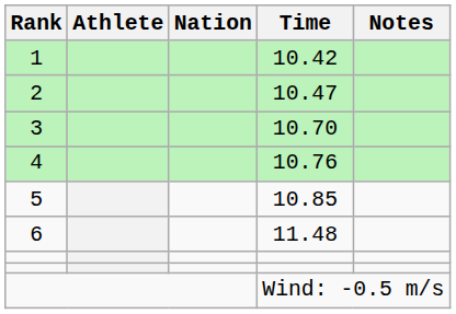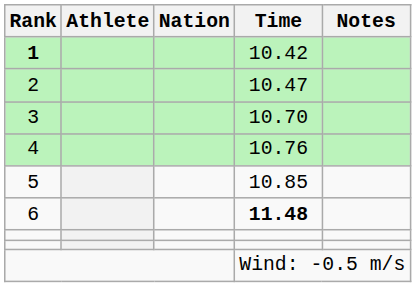 <table class="wikitable plainrowheaders sortable" style="text-align:center;">
 <tr>
 <th scope=col>Rank</th>
 <th scope=col>Athlete</th>
 <th scope=col>Nation</th>
 <th scope=col>Time</th>
 <th scope=col>Notes</th>
 </tr>
 <tr bgcolor=#bbf3bb>
-<td>1</td>
+<td><strong>1</strong></td>
 <th scope=row style="background:#bbf3bb; text-align:left;"></th>
 <td align=left></td>
 <td>10.42</td>
 <td></td>
 </tr>
 <tr bgcolor=#bbf3bb>
 <td>2</td>
 <th scope=row style="background:#bbf3bb; text-align:left;"></th>
 <td align=left></td>
 <td>10.47</td>
 <td></td>
 </tr>
 <tr bgcolor=#bbf3bb>
 <td>3</td>
 <th scope=row style="background:#bbf3bb; text-align:left;"></th>
 <td align=left></td>
 <td>10.70</td>
 <td></td>
 </tr>
 <tr bgcolor=#bbf3bb>
 <td>4</td>
 <th scope=row style="background:#bbf3bb; text-align:left;"></th>
 <td align=left></td>
 <td>10.76</td>
 <td></td>
 </tr>
 <tr>
 <td>5</td>
 <th scope=row style=text-align:left;></th>
 <td align=left></td>
 <td>10.85</td>
 <td></td>
 </tr>
 <tr>
 <td>6</td>
 <th scope=row style=text-align:left;></th>
 <td align=left></td>
-<td>11.48</td>
+<td><strong>11.48</strong></td>
 <td></td>
 </tr>
 <tr>
 <td></td>
 <th scope=row style=text-align:left;></th>
 <td align=left></td>
 <td></td>
 <td></td>
 </tr>
 <tr>
 <td></td>
 <th scope=row style=text-align:left;></th>
 <td align=left></td>
 <td></td>
 <td></td>
 </tr>
 <tr class=sortbottom>
 <td colspan=3></td>
 <td colspan=2 style=text-align:left;>Wind: -0.5 m/s</td>
 </tr>
 </table>
